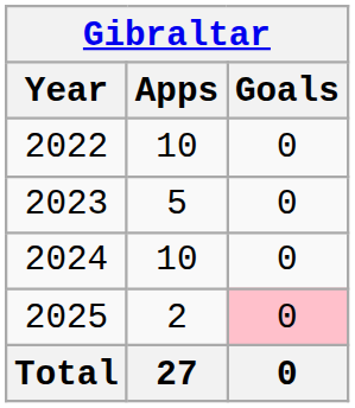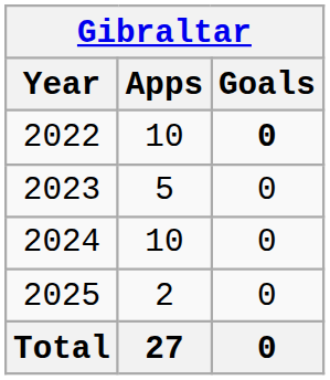 <table class="wikitable" style="text-align:center">
 <tr>
 <th colspan=3><a href='#'>Gibraltar</a></th>
 </tr>
 <tr>
 <th>Year</th>
 <th>Apps</th>
 <th>Goals</th>
 </tr>
 <tr>
 <td>2022</td>
 <td>10</td>
-<td>0</td>
+<td><strong>0</strong></td>
 </tr>
 <tr>
 <td>2023</td>
 <td>5</td>
 <td>0</td>
 </tr>
 <tr>
 <td>2024</td>
 <td>10</td>
 <td>0</td>
 </tr>
 <tr>
 <td>2025</td>
 <td>2</td>
-<td style="background: pink;">0</td>
+<td>0</td>
 </tr>
 <tr>
 <th>Total</th>
 <th>27</th>
 <th>0</th>
 </tr>
 </table>
